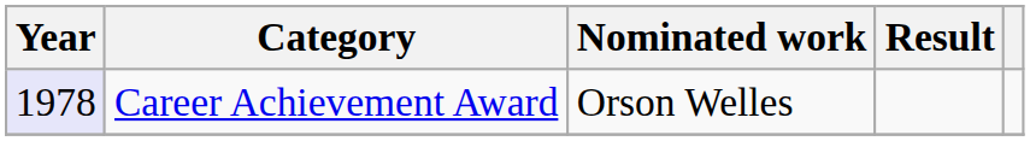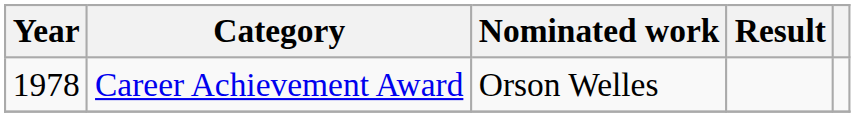 <table class="wikitable">
 <tr>
 <th>Year</th>
 <th>Category</th>
 <th>Nominated work</th>
 <th>Result</th>
 <th></th>
 </tr>
 <tr>
-<td style="background: lavender;">1978</td>
+<td>1978</td>
 <td><a href='#'>Career Achievement Award</a></td>
 <td>Orson Welles</td>
 <td></td>
 <td></td>
 </tr>
 <tr>
 </tr>
 </table>
